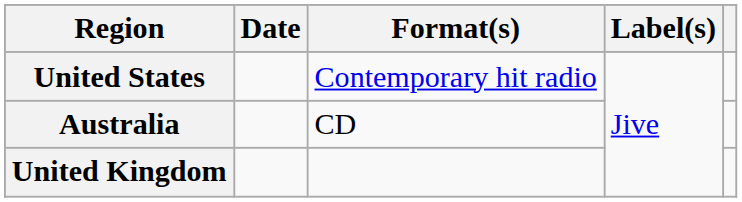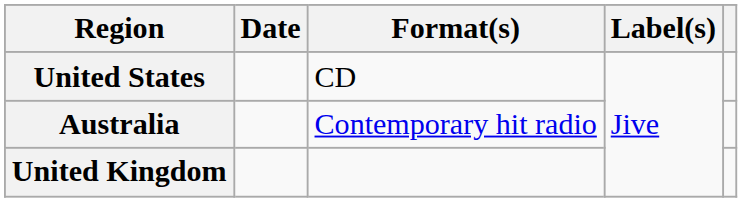 <table class="wikitable plainrowheaders">
 <tr>
 <th scope="col">Region</th>
 <th scope="col">Date</th>
 <th scope="col">Format(s)</th>
 <th scope="col">Label(s)</th>
 <th scope="col"></th>
 </tr>
 <tr>
 <th scope="row">United States</th>
 <td></td>
-<td><a href='#'>Contemporary hit radio</a></td>
+<td>CD</td>
 <td rowspan="3"><a href='#'>Jive</a></td>
 <td></td>
 </tr>
 <tr>
 <th scope="row">Australia</th>
 <td></td>
-<td>CD</td>
+<td><a href='#'>Contemporary hit radio</a></td>
 <td></td>
 </tr>
 <tr>
 <th scope="row">United Kingdom</th>
 <td></td>
 <td></td>
 <td></td>
 </tr>
 </table>
